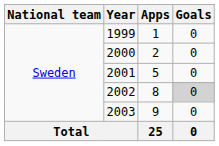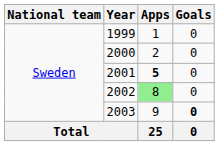 <table class="wikitable" style="text-align:center">
 <tr>
 <th>National team</th>
 <th>Year</th>
 <th>Apps</th>
 <th>Goals</th>
 </tr>
 <tr>
 <td rowspan="5"><a href='#'>Sweden</a></td>
 <td>1999</td>
 <td>1</td>
 <td>0</td>
 </tr>
 <tr>
 <td>2000</td>
 <td>2</td>
 <td>0</td>
 </tr>
 <tr>
 <td>2001</td>
-<td>5</td>
+<td><strong>5</strong></td>
 <td>0</td>
 </tr>
 <tr>
 <td>2002</td>
-<td>8</td>
-<td style="background: lightgrey;">0</td>
+<td style="background: lightgreen;">8</td>
+<td>0</td>
 </tr>
 <tr>
 <td>2003</td>
 <td>9</td>
-<td>0</td>
+<td><strong>0</strong></td>
 </tr>
 <tr>
 <th colspan="2">Total</th>
 <th>25</th>
 <th>0</th>
 </tr>
 </table>
